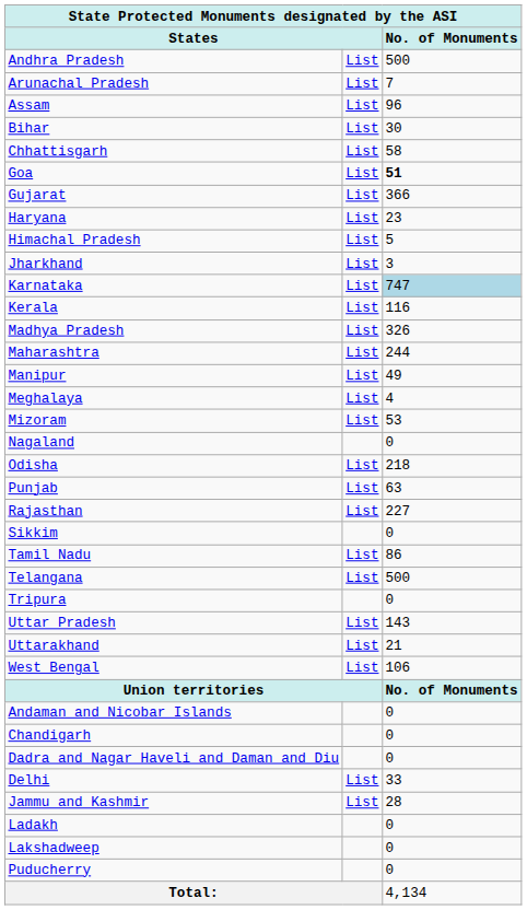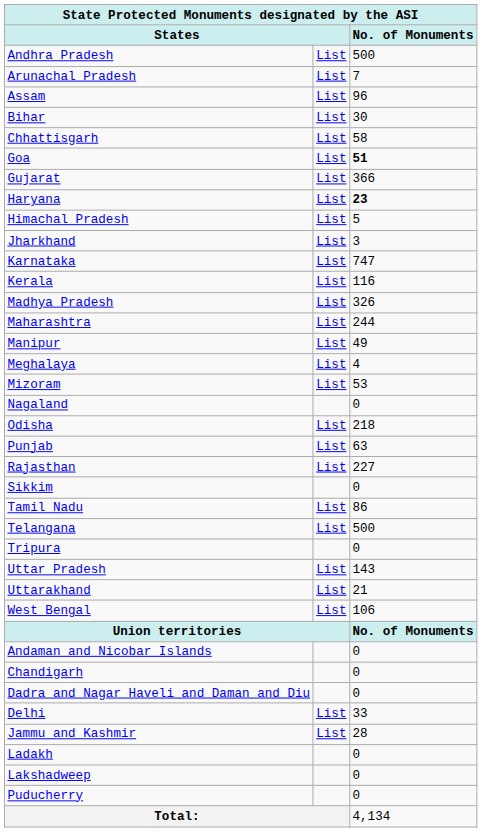 <table class="wikitable sortable">
 <tr>
 <th colspan="3" style="background-color: #CCEEEE;">State Protected Monuments designated by the ASI</th>
 </tr>
 <tr>
 <th colspan="2" style="background-color: #CCEEEE;">States</th>
 <th style="background-color: #CCEEEE;">No. of Monuments</th>
 </tr>
 <tr>
 <td><a href='#'>Andhra Pradesh</a></td>
 <td><a href='#'>List</a></td>
 <td>500</td>
 </tr>
 <tr>
 <td><a href='#'>Arunachal Pradesh</a></td>
 <td><a href='#'>List</a></td>
 <td>7</td>
 </tr>
 <tr>
 <td><a href='#'>Assam</a></td>
 <td><a href='#'>List</a></td>
 <td>96</td>
 </tr>
 <tr>
 <td><a href='#'>Bihar</a></td>
 <td><a href='#'>List</a></td>
 <td>30</td>
 </tr>
 <tr>
 <td><a href='#'>Chhattisgarh</a></td>
 <td><a href='#'>List</a></td>
 <td>58</td>
 </tr>
 <tr>
 <td><a href='#'>Goa</a></td>
 <td><a href='#'>List</a></td>
 <td><strong>51</strong></td>
 </tr>
 <tr>
 <td><a href='#'>Gujarat</a></td>
 <td><a href='#'>List</a></td>
 <td>366</td>
 </tr>
 <tr>
 <td><a href='#'>Haryana</a></td>
 <td><a href='#'>List</a></td>
-<td>23</td>
+<td><strong>23</strong></td>
 </tr>
 <tr>
 <td><a href='#'>Himachal Pradesh</a></td>
 <td><a href='#'>List</a></td>
 <td>5</td>
 </tr>
 <tr>
 <td><a href='#'>Jharkhand</a></td>
 <td><a href='#'>List</a></td>
 <td>3</td>
 </tr>
 <tr>
 <td><a href='#'>Karnataka</a></td>
 <td><a href='#'>List</a></td>
-<td style="background: lightblue;">747</td>
+<td>747</td>
 </tr>
 <tr>
 <td><a href='#'>Kerala</a></td>
 <td><a href='#'>List</a></td>
 <td>116</td>
 </tr>
 <tr>
 <td><a href='#'>Madhya Pradesh</a></td>
 <td><a href='#'>List</a></td>
 <td>326</td>
 </tr>
 <tr>
 <td><a href='#'>Maharashtra</a></td>
 <td><a href='#'>List</a></td>
 <td>244</td>
 </tr>
 <tr>
 <td><a href='#'>Manipur</a></td>
 <td><a href='#'>List</a></td>
 <td>49</td>
 </tr>
 <tr>
 <td><a href='#'>Meghalaya</a></td>
 <td><a href='#'>List</a></td>
 <td>4</td>
 </tr>
 <tr>
 <td><a href='#'>Mizoram</a></td>
 <td><a href='#'>List</a></td>
 <td>53</td>
 </tr>
 <tr>
 <td><a href='#'>Nagaland</a></td>
 <td></td>
 <td>0</td>
 </tr>
 <tr>
 <td><a href='#'>Odisha</a></td>
 <td><a href='#'>List</a></td>
 <td>218</td>
 </tr>
 <tr>
 <td><a href='#'>Punjab</a></td>
 <td><a href='#'>List</a></td>
 <td>63</td>
 </tr>
 <tr>
 <td><a href='#'>Rajasthan</a></td>
 <td><a href='#'>List</a></td>
 <td>227</td>
 </tr>
 <tr>
 <td><a href='#'>Sikkim</a></td>
 <td></td>
 <td>0</td>
 </tr>
 <tr>
 <td><a href='#'>Tamil Nadu</a></td>
 <td><a href='#'>List</a></td>
 <td>86</td>
 </tr>
 <tr>
 <td><a href='#'>Telangana</a></td>
 <td><a href='#'>List</a></td>
 <td>500</td>
 </tr>
 <tr>
 <td><a href='#'>Tripura</a></td>
 <td></td>
 <td>0</td>
 </tr>
 <tr>
 <td><a href='#'>Uttar Pradesh</a></td>
 <td><a href='#'>List</a></td>
 <td>143</td>
 </tr>
 <tr>
 <td><a href='#'>Uttarakhand</a></td>
 <td><a href='#'>List</a></td>
 <td>21</td>
 </tr>
 <tr>
 <td><a href='#'>West Bengal</a></td>
 <td><a href='#'>List</a></td>
 <td>106</td>
 </tr>
 <tr>
 <th colspan="2" style="background-color: #CCEEEE;">Union territories</th>
 <th style="background-color: #CCEEEE;">No. of Monuments</th>
 </tr>
 <tr>
 <td><a href='#'>Andaman and Nicobar Islands</a></td>
 <td></td>
 <td>0</td>
 </tr>
 <tr>
 <td><a href='#'>Chandigarh</a></td>
 <td></td>
 <td>0</td>
 </tr>
 <tr>
 <td><a href='#'>Dadra and Nagar Haveli and Daman and Diu</a></td>
 <td></td>
 <td>0</td>
 </tr>
 <tr>
 <td><a href='#'>Delhi</a></td>
 <td><a href='#'>List</a></td>
 <td>33</td>
 </tr>
 <tr>
 <td><a href='#'>Jammu and Kashmir</a></td>
 <td><a href='#'>List</a></td>
 <td>28</td>
 </tr>
 <tr>
 <td><a href='#'>Ladakh</a></td>
 <td></td>
 <td>0</td>
 </tr>
 <tr>
 <td><a href='#'>Lakshadweep</a></td>
 <td></td>
 <td>0</td>
 </tr>
 <tr>
 <td><a href='#'>Puducherry</a></td>
 <td></td>
 <td>0</td>
 </tr>
 <tr class="sortbottom">
 <th colspan=2>Total:</th>
 <td>4,134</td>
 </tr>
 </table>
